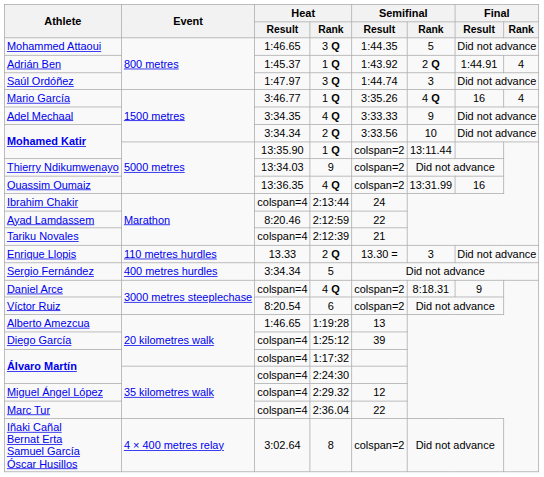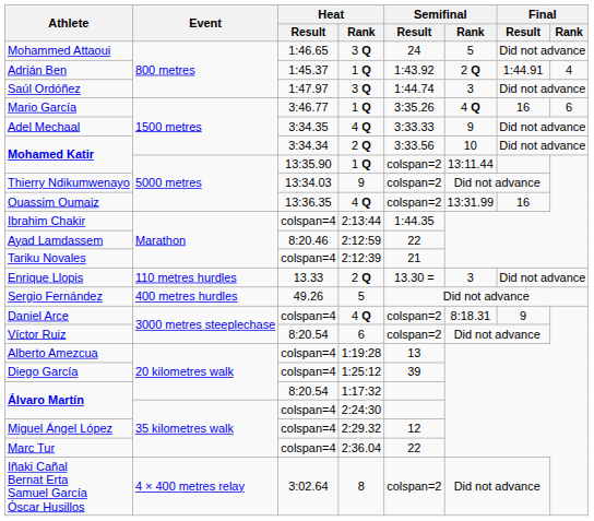 <table class="wikitable" style="font-size:90%">
 <tr>
 <th rowspan="2">Athlete</th>
 <th rowspan="2">Event</th>
 <th colspan="2">Heat</th>
 <th colspan="2">Semifinal</th>
 <th colspan="2">Final</th>
 </tr>
 <tr style="font-size:95%">
 <th>Result</th>
 <th>Rank</th>
 <th>Result</th>
 <th>Rank</th>
 <th>Result</th>
 <th>Rank</th>
 </tr>
 <tr align=center>
 <td align=left><a href='#'>Mohammed Attaoui</a></td>
 <td align=left rowspan=3><a href='#'>800 metres</a></td>
 <td>1:46.65</td>
 <td>3 <strong>Q</strong></td>
-<td>1:44.35 </td>
+<td>24</td>
 <td>5</td>
 <td colspan=2>Did not advance</td>
 </tr>
 <tr align=center>
 <td align=left><a href='#'>Adrián Ben</a></td>
 <td>1:45.37</td>
 <td>1 <strong>Q</strong></td>
 <td>1:43.92 </td>
 <td>2 <strong>Q</strong></td>
 <td>1:44.91</td>
 <td>4</td>
 </tr>
 <tr align=center>
 <td align=left><a href='#'>Saúl Ordóñez</a></td>
 <td>1:47.97</td>
 <td>3 <strong>Q</strong></td>
 <td>1:44.74</td>
 <td>3</td>
 <td colspan=2>Did not advance</td>
 </tr>
 <tr align=center>
 <td align=left><a href='#'>Mario García</a></td>
 <td align=left rowspan=3><a href='#'>1500 metres</a></td>
 <td>3:46.77</td>
 <td>1 <strong>Q</strong></td>
 <td>3:35.26</td>
 <td>4 <strong>Q</strong></td>
 <td>16</td>
-<td>4</td>
+<td>6</td>
 </tr>
 <tr align=center>
 <td align=left><a href='#'>Adel Mechaal</a></td>
 <td>3:34.35</td>
 <td>4 <strong>Q</strong></td>
 <td>3:33.33</td>
 <td>9</td>
 <td colspan=2>Did not advance</td>
 </tr>
 <tr align=center>
 <td align=left rowspan=2><strong><a href='#'>Mohamed Katir</a></strong></td>
 <td>3:34.34</td>
 <td>2 <strong>Q</strong></td>
 <td>3:33.56</td>
 <td>10</td>
 <td colspan=2>Did not advance</td>
 </tr>
 <tr align=center>
 <td align=left rowspan=3><a href='#'>5000 metres</a></td>
 <td>13:35.90</td>
 <td>1 <strong>Q</strong></td>
 <td>colspan=2</td>
 <td>13:11.44</td>
 <td></td>
 </tr>
 <tr align=center>
 <td align=left><a href='#'>Thierry Ndikumwenayo</a></td>
 <td>13:34.03</td>
 <td>9</td>
 <td>colspan=2</td>
 <td colspan=2>Did not advance</td>
 </tr>
 <tr align=center>
 <td align=left><a href='#'>Ouassim Oumaiz</a></td>
 <td>13:36.35</td>
 <td>4 <strong>Q</strong></td>
 <td>colspan=2</td>
 <td>13:31.99</td>
 <td>16</td>
 </tr>
 <tr align=center>
 <td align=left><a href='#'>Ibrahim Chakir</a></td>
 <td align=left rowspan=3><a href='#'>Marathon</a></td>
 <td>colspan=4</td>
 <td>2:13:44</td>
-<td>24</td>
+<td>1:44.35 </td>
 </tr>
 <tr align=center>
 <td align=left><a href='#'>Ayad Lamdassem</a></td>
 <td>8:20.46</td>
 <td>2:12:59</td>
 <td>22</td>
 </tr>
 <tr align=center>
 <td align=left><a href='#'>Tariku Novales</a></td>
 <td>colspan=4</td>
 <td>2:12:39 </td>
 <td>21</td>
 </tr>
 <tr align=center>
 <td align=left><a href='#'>Enrique Llopis</a></td>
 <td align=left><a href='#'>110 metres hurdles</a></td>
 <td>13.33 </td>
 <td>2 <strong>Q</strong></td>
 <td>13.30 =</td>
 <td>3</td>
 <td colspan=2>Did not advance</td>
 </tr>
 <tr align=center>
 <td align=left><a href='#'>Sergio Fernández</a></td>
 <td align=left><a href='#'>400 metres hurdles</a></td>
-<td>3:34.34</td>
+<td>49.26</td>
 <td>5</td>
 <td colspan=4>Did not advance</td>
 </tr>
 <tr align=center>
 <td align=left><a href='#'>Daniel Arce</a></td>
 <td align=left rowspan=2><a href='#'>3000 metres steeplechase</a></td>
 <td>colspan=4</td>
 <td>4 <strong>Q</strong></td>
 <td>colspan=2</td>
 <td>8:18.31</td>
 <td>9</td>
 </tr>
 <tr align=center>
 <td align=left><a href='#'>Víctor Ruiz</a></td>
 <td>8:20.54</td>
 <td>6</td>
 <td>colspan=2</td>
 <td colspan=2>Did not advance</td>
 </tr>
 <tr align=center>
 <td align=left><a href='#'>Alberto Amezcua</a></td>
 <td align=left rowspan=3><a href='#'>20 kilometres walk</a></td>
-<td>1:46.65</td>
+<td>colspan=4</td>
 <td>1:19:28 </td>
 <td>13</td>
 </tr>
 <tr align=center>
 <td align=left><a href='#'>Diego García</a></td>
 <td>colspan=4</td>
 <td>1:25:12</td>
 <td>39</td>
 </tr>
 <tr align=center>
 <td align=left rowspan=2><strong><a href='#'>Álvaro Martín</a></strong></td>
-<td>colspan=4</td>
+<td>8:20.54</td>
 <td>1:17:32 <strong></strong></td>
 <td></td>
 </tr>
 <tr align=center>
 <td align=left rowspan=3><a href='#'>35 kilometres walk</a></td>
 <td>colspan=4</td>
 <td>2:24:30 <strong></strong></td>
 <td></td>
 </tr>
 <tr align=center>
 <td align=left><a href='#'>Miguel Ángel López</a></td>
 <td>colspan=4</td>
 <td>2:29.32</td>
 <td>12</td>
 </tr>
 <tr align=center>
 <td align=left><a href='#'>Marc Tur</a></td>
 <td>colspan=4</td>
 <td>2:36.04</td>
 <td>22</td>
 </tr>
 <tr align=center>
 <td align=left><a href='#'>Iñaki Cañal</a><br><a href='#'>Bernat Erta</a><br><a href='#'>Samuel García</a><br><a href='#'>Óscar Husillos</a></td>
 <td align=left><a href='#'>4 × 400 metres relay</a></td>
 <td>3:02.64 </td>
 <td>8</td>
 <td>colspan=2</td>
 <td colspan=2>Did not advance</td>
 </tr>
 </table>
